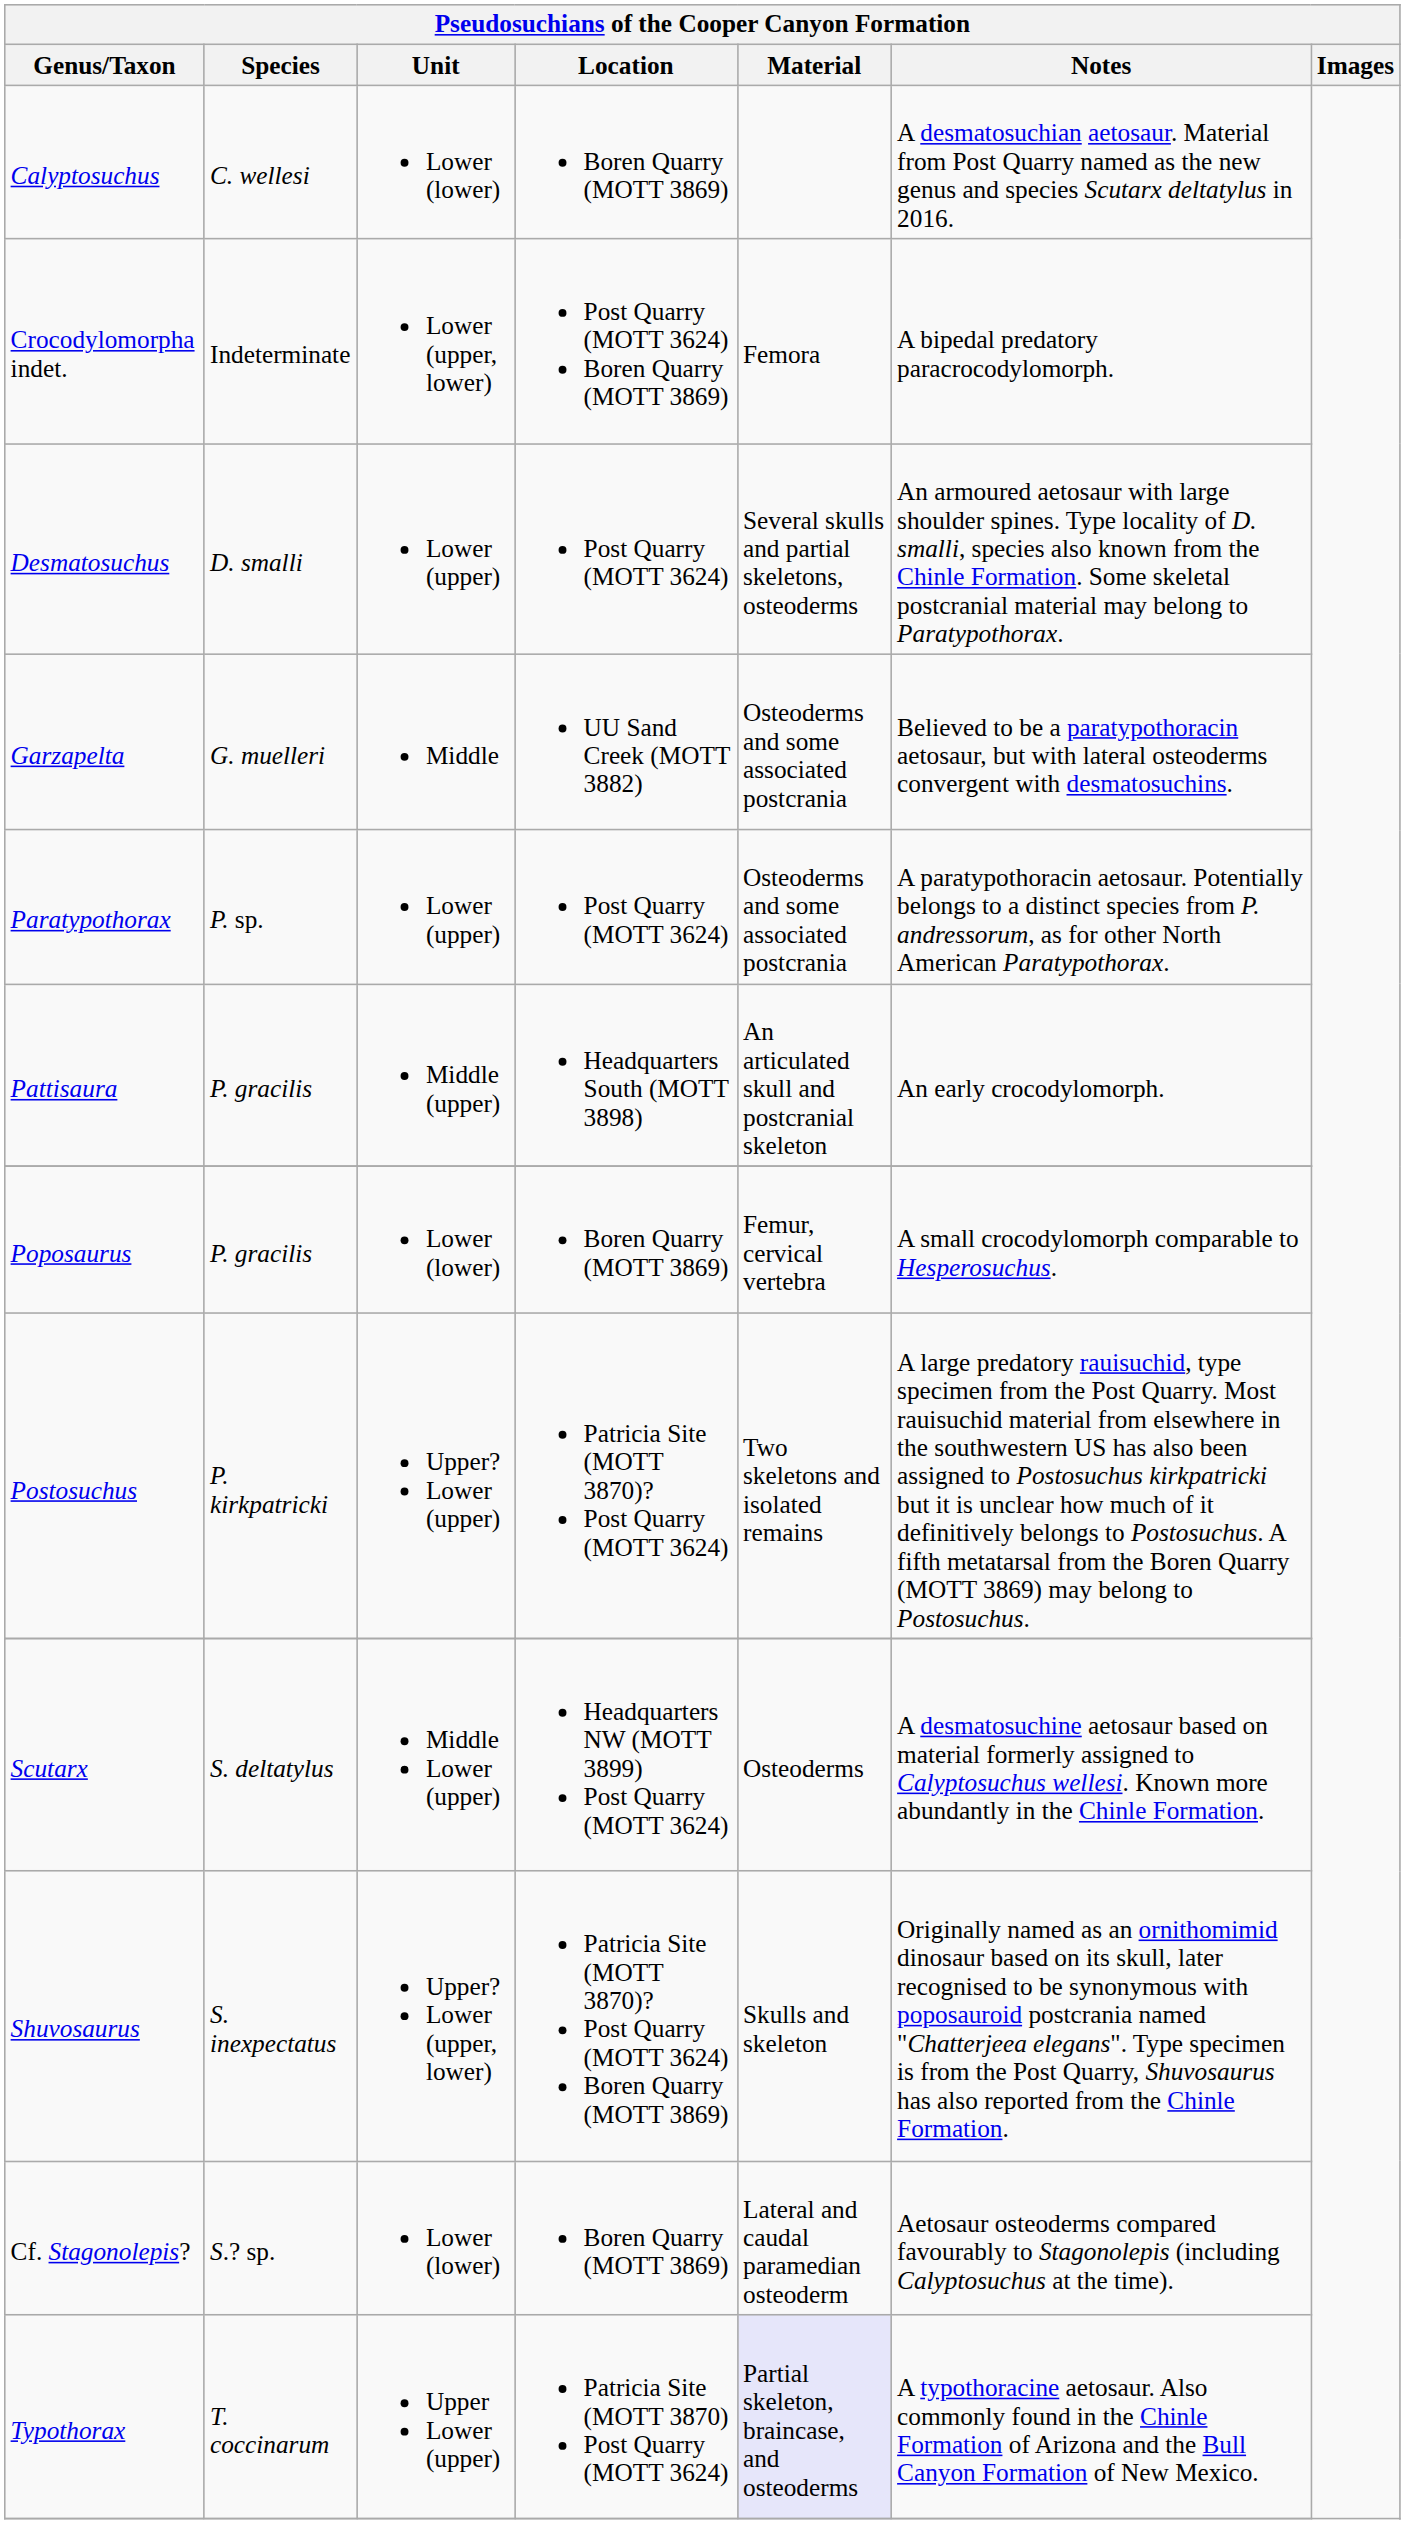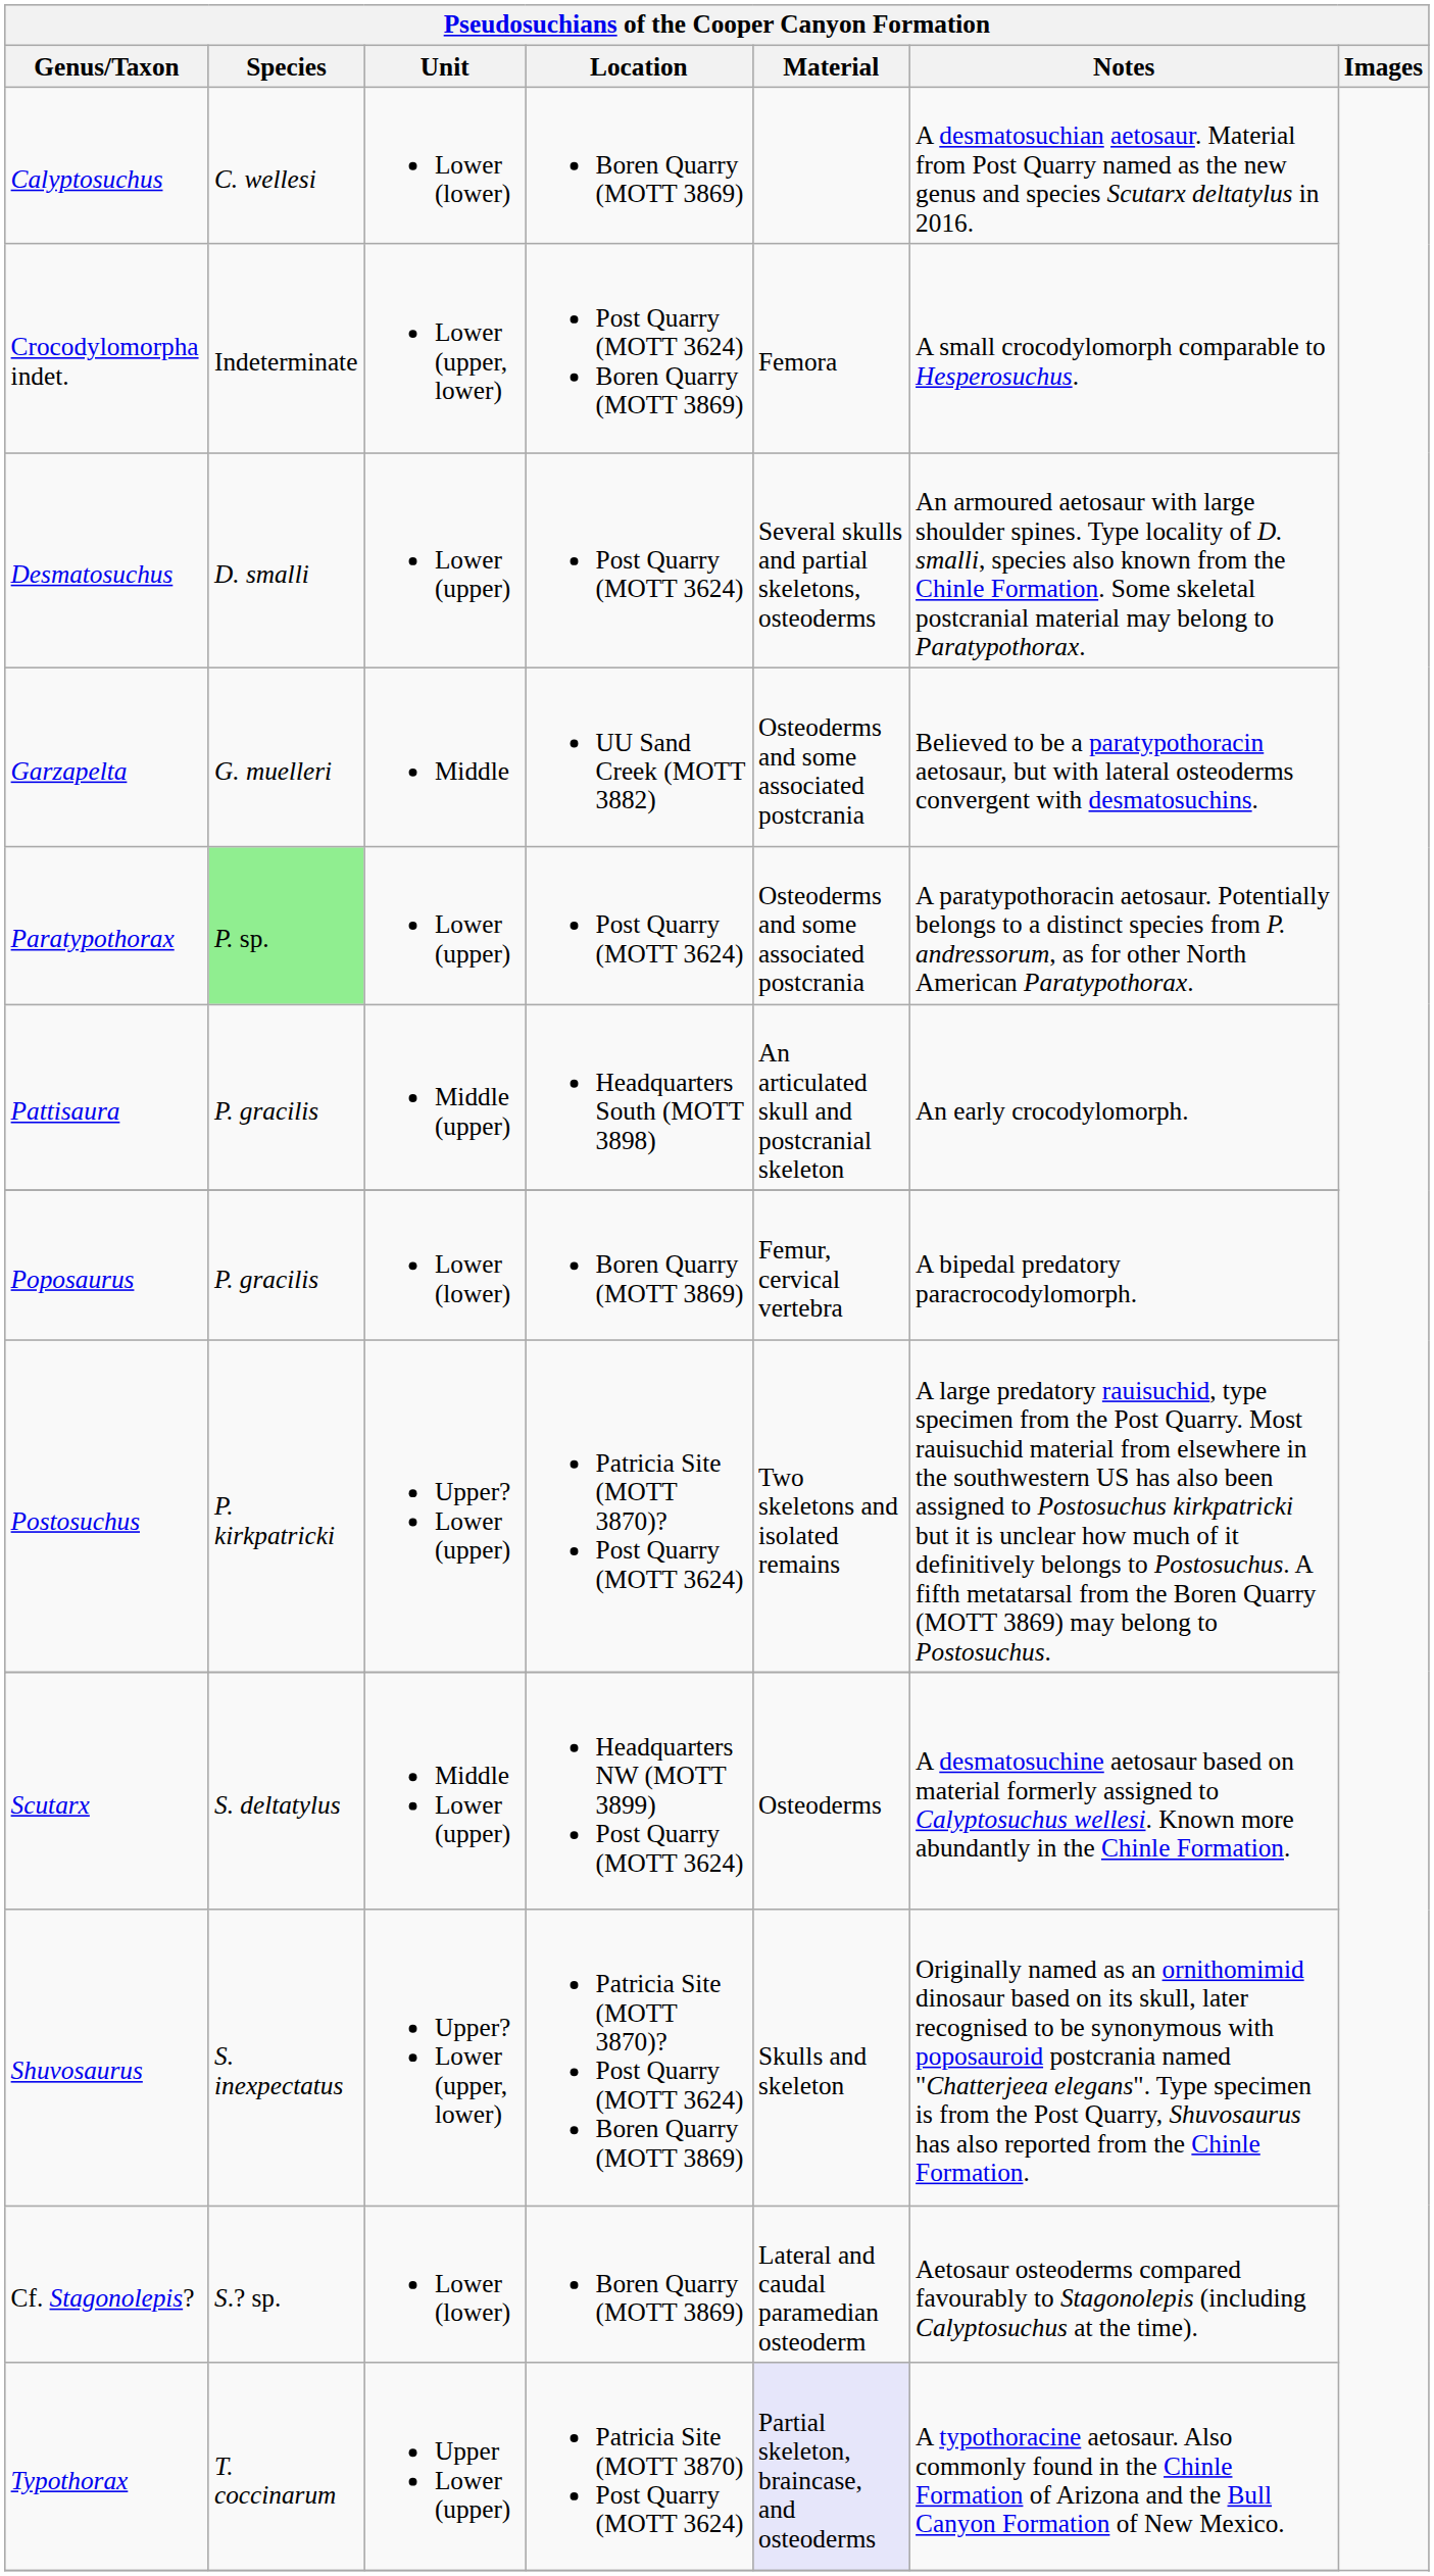 <table class="wikitable" align="center" width="100%">
 <tr>
 <th colspan="7" align="center"><strong><a href='#'>Pseudosuchians</a> of the Cooper Canyon Formation</strong></th>
 </tr>
 <tr>
 <th>Genus/Taxon</th>
 <th>Species</th>
 <th>Unit</th>
 <th>Location</th>
 <th>Material</th>
 <th>Notes</th>
 <th>Images</th>
 </tr>
 <tr>
 <td><br><em><a href='#'>Calyptosuchus</a></em></td>
 <td><br><em>C. wellesi</em></td>
 <td><br><ul><li>Lower (lower)</li></ul></td>
 <td><br><ul><li>Boren Quarry (MOTT 3869)</li></ul></td>
 <td></td>
 <td><br>A <a href='#'>desmatosuchian</a> <a href='#'>aetosaur</a>. Material from Post Quarry named as the new genus and species <em>Scutarx deltatylus</em> in 2016.</td>
 <td rowspan="107"><br>   </td>
 </tr>
 <tr>
 <td><br><a href='#'>Crocodylomorpha</a> indet.</td>
 <td><br>Indeterminate</td>
 <td><br><ul><li>Lower (upper, lower)</li></ul></td>
 <td><br><ul><li>Post Quarry (MOTT 3624)</li><li>Boren Quarry (MOTT 3869)</li></ul></td>
 <td><br>Femora</td>
-<td><br>A bipedal predatory paracrocodylomorph.</td>
+<td><br>A small crocodylomorph comparable to <em><a href='#'>Hesperosuchus</a></em>.</td>
 </tr>
 <tr>
 <td><br><em><a href='#'>Desmatosuchus</a></em></td>
 <td><br><em>D. smalli</em></td>
 <td><br><ul><li>Lower (upper)</li></ul></td>
 <td><br><ul><li>Post Quarry (MOTT 3624)</li></ul></td>
 <td><br>Several skulls and partial skeletons, osteoderms</td>
 <td><br>An armoured aetosaur with large shoulder spines. Type locality of <em>D. smalli</em>, species also known from the <a href='#'>Chinle Formation</a>. Some skeletal postcranial material may belong to <em>Paratypothorax</em>.</td>
 </tr>
 <tr>
 <td><br><em><a href='#'>Garzapelta</a></em></td>
 <td><br><em>G. muelleri</em></td>
 <td><br><ul><li>Middle</li></ul></td>
 <td><br><ul><li>UU Sand Creek (MOTT 3882)</li></ul></td>
 <td><br>Osteoderms and some associated postcrania</td>
 <td><br>Believed to be a <a href='#'>paratypothoracin</a> aetosaur, but with lateral osteoderms convergent with <a href='#'>desmatosuchins</a>.</td>
 </tr>
 <tr>
 <td><br><em><a href='#'>Paratypothorax</a></em></td>
-<td><br><em>P.</em> sp.</td>
+<td style="background: lightgreen;"><br><em>P.</em> sp.</td>
 <td><br><ul><li>Lower (upper)</li></ul></td>
 <td><br><ul><li>Post Quarry (MOTT 3624)</li></ul></td>
 <td><br>Osteoderms and some associated postcrania</td>
 <td><br>A paratypothoracin aetosaur. Potentially belongs to a distinct species from <em>P. andressorum</em>, as for other North American <em>Paratypothorax</em>.</td>
 </tr>
 <tr>
 <td><br><em><a href='#'>Pattisaura</a></em></td>
 <td><br><em>P. gracilis</em></td>
 <td><br><ul><li>Middle (upper)</li></ul></td>
 <td><br><ul><li>Headquarters South (MOTT 3898)</li></ul></td>
 <td><br>An articulated skull and postcranial skeleton</td>
 <td><br>An early crocodylomorph.</td>
 </tr>
 <tr>
 </tr>
 <tr>
 <td><br><em><a href='#'>Poposaurus</a></em></td>
 <td><br><em>P. gracilis</em></td>
 <td><br><ul><li>Lower (lower)</li></ul></td>
 <td><br><ul><li>Boren Quarry (MOTT 3869)</li></ul></td>
 <td><br>Femur, cervical vertebra</td>
-<td><br>A small crocodylomorph comparable to <em><a href='#'>Hesperosuchus</a></em>.</td>
+<td><br>A bipedal predatory paracrocodylomorph.</td>
 </tr>
 <tr>
 <td><br><em><a href='#'>Postosuchus</a></em></td>
 <td><br><em>P. kirkpatricki</em></td>
 <td><br><ul><li>Upper?</li><li>Lower (upper)</li></ul></td>
 <td><br><ul><li>Patricia Site (MOTT 3870)?</li><li>Post Quarry (MOTT 3624)</li></ul></td>
 <td><br>Two skeletons and isolated remains</td>
 <td><br>A large predatory <a href='#'>rauisuchid</a>, type specimen from the Post Quarry. Most rauisuchid material from elsewhere in the southwestern US has also been assigned to <em>Postosuchus kirkpatricki</em> but it is unclear how much of it definitively belongs to <em>Postosuchus</em>. A fifth metatarsal from the Boren Quarry (MOTT 3869) may belong to <em>Postosuchus</em>.</td>
 </tr>
 <tr>
 </tr>
 <tr>
 <td><br><em><a href='#'>Scutarx</a></em></td>
 <td><br><em>S. deltatylus</em></td>
 <td><br><ul><li>Middle</li><li>Lower (upper)</li></ul></td>
 <td><br><ul><li>Headquarters NW (MOTT 3899)</li><li>Post Quarry (MOTT 3624)</li></ul></td>
 <td><br>Osteoderms</td>
 <td><br>A <a href='#'>desmatosuchine</a> aetosaur based on material formerly assigned to <em><a href='#'>Calyptosuchus wellesi</a></em>. Known more abundantly in the <a href='#'>Chinle Formation</a>.</td>
 </tr>
 <tr>
 <td><br><em><a href='#'>Shuvosaurus</a></em></td>
 <td><br><em>S. inexpectatus</em></td>
 <td><br><ul><li>Upper?</li><li>Lower (upper, lower)</li></ul></td>
 <td><br><ul><li>Patricia Site (MOTT 3870)?</li><li>Post Quarry (MOTT 3624)</li><li>Boren Quarry (MOTT 3869)</li></ul></td>
 <td><br>Skulls and skeleton</td>
 <td><br>Originally named as an <a href='#'>ornithomimid</a> dinosaur based on its skull, later recognised to be synonymous with <a href='#'>poposauroid</a> postcrania named "<em>Chatterjeea elegans</em>". Type specimen is from the Post Quarry, <em>Shuvosaurus</em> has also reported from the <a href='#'>Chinle Formation</a>.</td>
 </tr>
 <tr>
 <td><br>Cf. <em><a href='#'>Stagonolepis</a></em>?</td>
 <td><br><em>S</em>.? sp.</td>
 <td><br><ul><li>Lower (lower)</li></ul></td>
 <td><br><ul><li>Boren Quarry (MOTT 3869)</li></ul></td>
 <td><br>Lateral and caudal paramedian osteoderm</td>
 <td><br>Aetosaur osteoderms compared favourably to <em>Stagonolepis</em> (including <em>Calyptosuchus</em> at the time).</td>
 </tr>
 <tr>
 <td><br><em><a href='#'>Typothorax</a></em></td>
 <td><br><em>T. coccinarum</em></td>
 <td><br><ul><li>Upper</li><li>Lower (upper)</li></ul></td>
 <td><br><ul><li>Patricia Site (MOTT 3870)</li><li>Post Quarry (MOTT 3624)</li></ul></td>
 <td style="background: lavender;"><br>Partial skeleton, braincase, and osteoderms</td>
 <td><br>A <a href='#'>typothoracine</a> aetosaur. Also commonly found in the <a href='#'>Chinle Formation</a> of Arizona and the <a href='#'>Bull Canyon Formation</a> of New Mexico.</td>
 </tr>
 <tr>
 </tr>
 </table>
